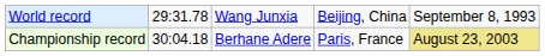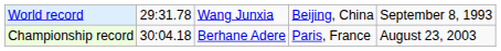 <table class=wikitable>
 <tr>
 <td !align="left" bgcolor = "ddeeff"><a href='#'>World record</a></td>
 <td>29:31.78</td>
 <td><a href='#'>Wang Junxia</a></td>
 <td><a href='#'>Beijing</a>, China</td>
 <td>September 8, 1993</td>
 </tr>
 <tr>
 <td !align="left" bgcolor = "eeffdd">Championship record</td>
 <td>30:04.18</td>
 <td><a href='#'>Berhane Adere</a></td>
 <td><a href='#'>Paris</a>, France</td>
-<td style="background: khaki;">August 23, 2003</td>
+<td>August 23, 2003</td>
 </tr>
 </table>
